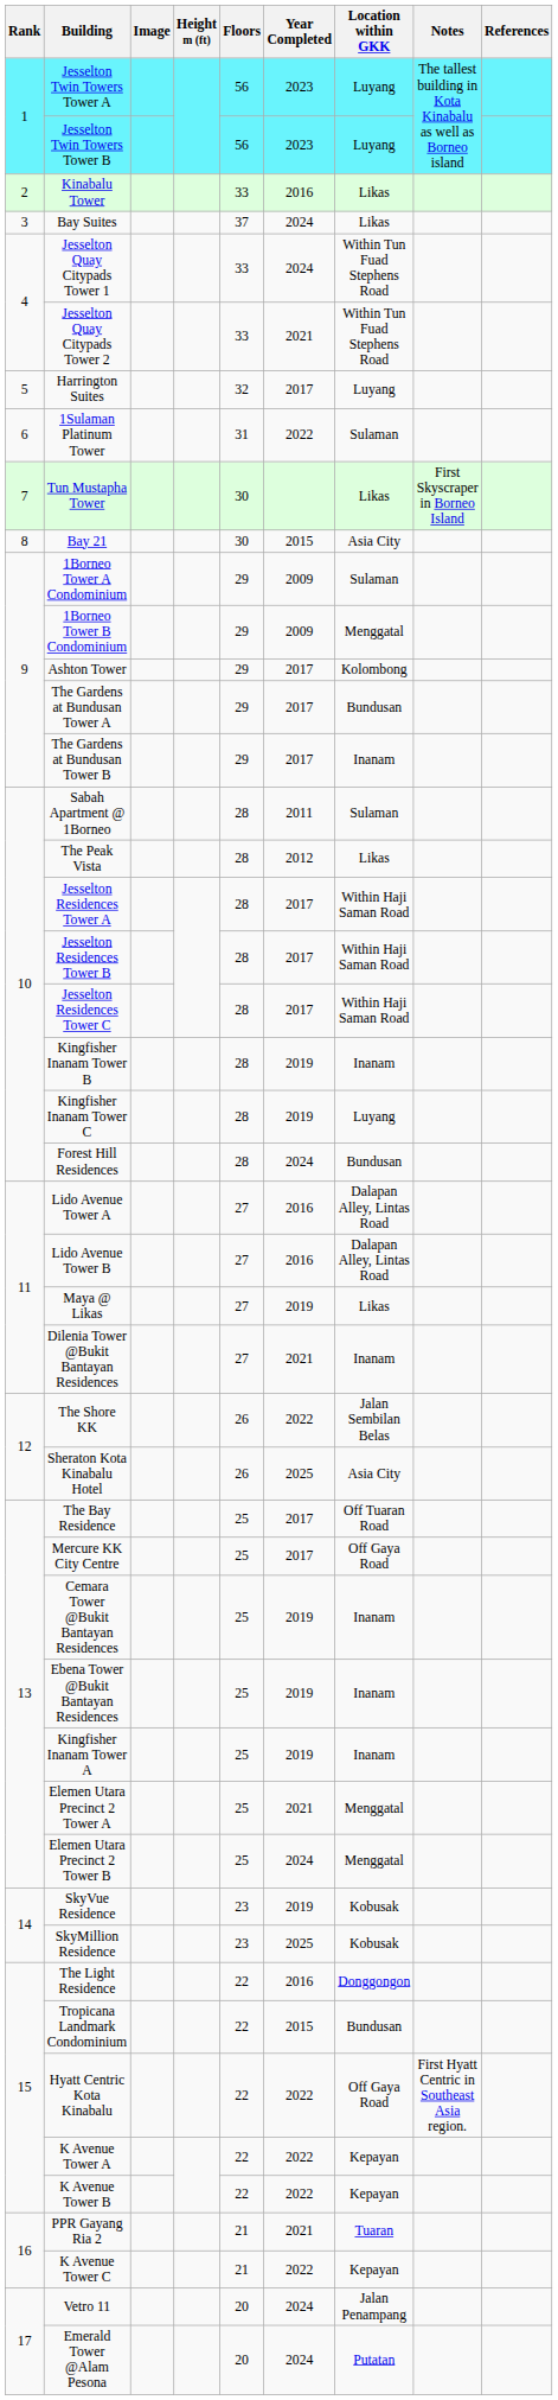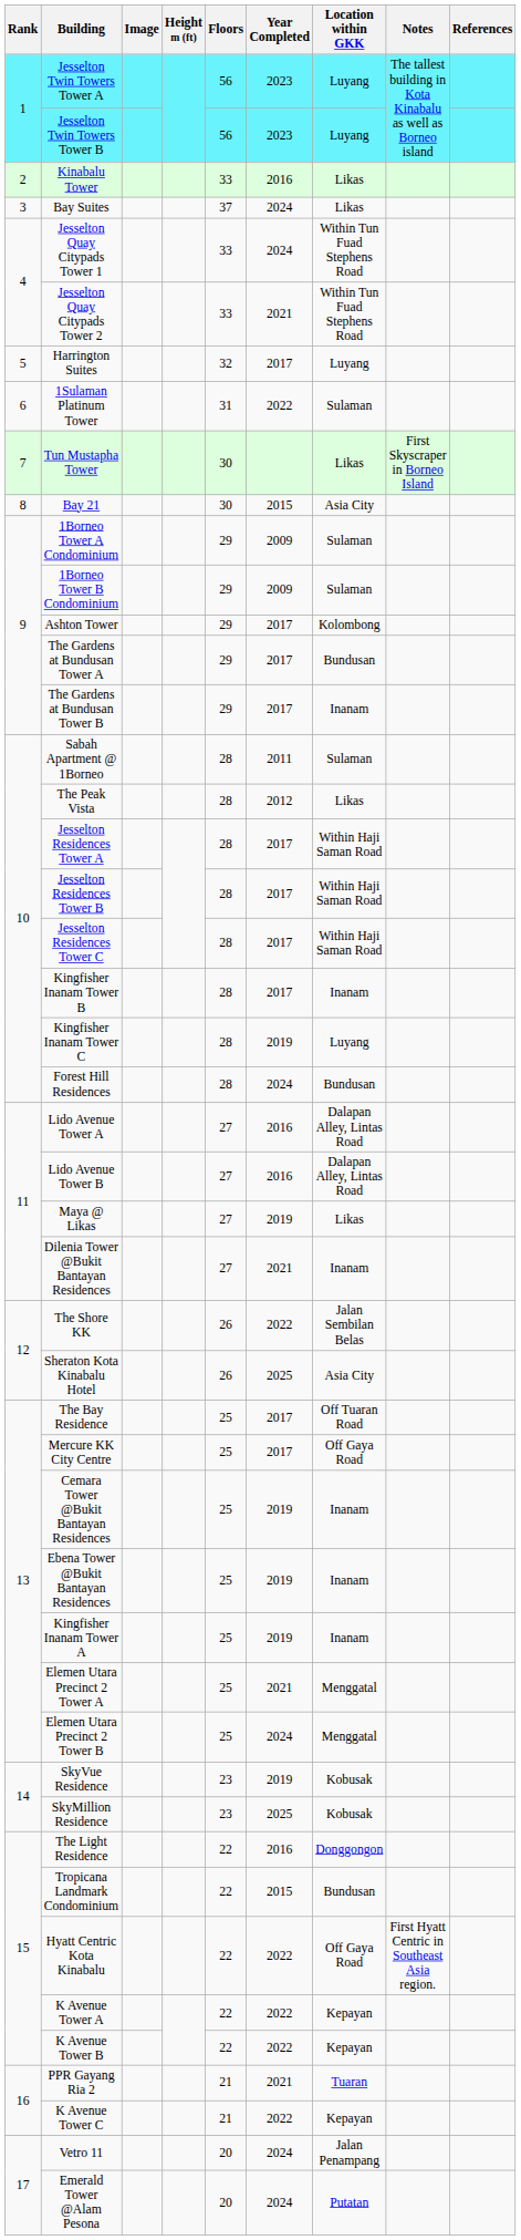 <table class="wikitable mw-collapsible unsortable" style="text-align:center">
 <tr>
 <th>Rank</th>
 <th>Building</th>
 <th>Image</th>
 <th>Height<br><small>m (ft)</small></th>
 <th>Floors</th>
 <th>Year Completed</th>
 <th>Location within <a href='#'>GKK</a></th>
 <th>Notes</th>
 <th>References</th>
 </tr>
 <tr style="background:#69f4fd">
 <td rowspan="2">1</td>
 <td><a href='#'>Jesselton Twin Towers</a> Tower A</td>
 <td></td>
 <td rowspan="2"> </td>
 <td>56</td>
 <td>2023</td>
 <td>Luyang</td>
 <td rowspan="2">The tallest building in <a href='#'>Kota Kinabalu</a> as well as <a href='#'>Borneo</a> island</td>
 <td></td>
 </tr>
 <tr style="background:#69f4fd">
 <td><a href='#'>Jesselton Twin Towers</a> Tower B</td>
 <td></td>
 <td>56</td>
 <td>2023</td>
 <td>Luyang</td>
 <td></td>
 </tr>
 <tr style="background:#DFD;">
 <td>2</td>
 <td><a href='#'>Kinabalu Tower</a></td>
 <td></td>
 <td></td>
 <td>33</td>
 <td>2016</td>
 <td>Likas</td>
 <td></td>
 <td></td>
 </tr>
 <tr>
 <td>3</td>
 <td>Bay Suites</td>
 <td></td>
 <td> </td>
 <td>37</td>
 <td>2024</td>
 <td>Likas</td>
 <td></td>
 <td></td>
 </tr>
 <tr>
 <td rowspan="2">4</td>
 <td><a href='#'>Jesselton Quay</a> Citypads Tower 1</td>
 <td></td>
 <td></td>
 <td>33</td>
 <td>2024</td>
 <td>Within Tun Fuad Stephens Road</td>
 <td></td>
 <td></td>
 </tr>
 <tr>
 <td><a href='#'>Jesselton Quay</a> Citypads Tower 2</td>
 <td></td>
 <td></td>
 <td>33</td>
 <td>2021</td>
 <td>Within Tun Fuad Stephens Road</td>
 <td></td>
 <td></td>
 </tr>
 <tr>
 <td>5</td>
 <td>Harrington Suites</td>
 <td></td>
 <td></td>
 <td>32</td>
 <td>2017</td>
 <td>Luyang</td>
 <td></td>
 <td></td>
 </tr>
 <tr>
 <td>6</td>
 <td><a href='#'>1Sulaman</a> Platinum Tower</td>
 <td></td>
 <td></td>
 <td>31</td>
 <td>2022</td>
 <td>Sulaman</td>
 <td></td>
 <td></td>
 </tr>
 <tr style="background:#DFD;">
 <td>7</td>
 <td><a href='#'>Tun Mustapha Tower</a></td>
 <td></td>
 <td> </td>
 <td>30</td>
 <td></td>
 <td>Likas</td>
 <td>First Skyscraper in <a href='#'>Borneo Island</a></td>
 <td></td>
 </tr>
 <tr>
 <td>8</td>
 <td><a href='#'>Bay 21</a></td>
 <td></td>
 <td></td>
 <td>30</td>
 <td>2015</td>
 <td>Asia City</td>
 <td></td>
 <td></td>
 </tr>
 <tr>
 <td rowspan="5">9</td>
 <td><a href='#'>1Borneo Tower A Condominium</a></td>
 <td></td>
 <td></td>
 <td>29</td>
 <td>2009</td>
 <td>Sulaman</td>
 <td></td>
 <td></td>
 </tr>
 <tr>
 <td><a href='#'>1Borneo Tower B Condominium</a></td>
 <td></td>
 <td></td>
 <td>29</td>
 <td>2009</td>
-<td>Menggatal</td>
+<td>Sulaman</td>
 <td></td>
 <td></td>
 </tr>
 <tr>
 <td>Ashton Tower</td>
 <td></td>
 <td></td>
 <td>29</td>
 <td>2017</td>
 <td>Kolombong</td>
 <td></td>
 <td></td>
 </tr>
 <tr>
 <td>The Gardens at Bundusan Tower A</td>
 <td></td>
 <td></td>
 <td>29</td>
 <td>2017</td>
 <td>Bundusan</td>
 <td></td>
 <td></td>
 </tr>
 <tr>
 <td>The Gardens at Bundusan Tower B</td>
 <td></td>
 <td></td>
 <td>29</td>
 <td>2017</td>
 <td>Inanam</td>
 <td></td>
 <td></td>
 </tr>
 <tr>
 <td rowspan="8">10</td>
 <td>Sabah Apartment @ 1Borneo</td>
 <td></td>
 <td></td>
 <td>28</td>
 <td>2011</td>
 <td>Sulaman</td>
 <td></td>
 <td></td>
 </tr>
 <tr>
 <td>The Peak Vista</td>
 <td></td>
 <td></td>
 <td>28</td>
 <td>2012</td>
 <td>Likas</td>
 <td></td>
 <td></td>
 </tr>
 <tr>
 <td><a href='#'>Jesselton Residences Tower A</a></td>
 <td></td>
 <td rowspan="3"> </td>
 <td>28</td>
 <td>2017</td>
 <td>Within Haji Saman Road</td>
 <td></td>
 <td></td>
 </tr>
 <tr>
 <td><a href='#'>Jesselton Residences Tower B</a></td>
 <td></td>
 <td>28</td>
 <td>2017</td>
 <td>Within Haji Saman Road</td>
 <td></td>
 <td></td>
 </tr>
 <tr>
 <td><a href='#'>Jesselton Residences Tower C</a></td>
 <td></td>
 <td>28</td>
 <td>2017</td>
 <td>Within Haji Saman Road</td>
 <td></td>
 <td></td>
 </tr>
 <tr>
 <td>Kingfisher Inanam Tower B</td>
 <td></td>
 <td></td>
 <td>28</td>
-<td>2019</td>
+<td>2017</td>
 <td>Inanam</td>
 <td></td>
 <td></td>
 </tr>
 <tr>
 <td>Kingfisher Inanam Tower C</td>
 <td></td>
 <td></td>
 <td>28</td>
 <td>2019</td>
 <td>Luyang</td>
 <td></td>
 <td></td>
 </tr>
 <tr>
 <td>Forest Hill Residences</td>
 <td></td>
 <td></td>
 <td>28</td>
 <td>2024</td>
 <td>Bundusan</td>
 <td></td>
 <td></td>
 </tr>
 <tr>
 <td rowspan="4">11</td>
 <td>Lido Avenue Tower A</td>
 <td></td>
 <td></td>
 <td>27</td>
 <td>2016</td>
 <td>Dalapan Alley, Lintas Road</td>
 <td></td>
 <td></td>
 </tr>
 <tr>
 <td>Lido Avenue Tower B</td>
 <td></td>
 <td></td>
 <td>27</td>
 <td>2016</td>
 <td>Dalapan Alley, Lintas Road</td>
 <td></td>
 <td></td>
 </tr>
 <tr>
 <td>Maya @ Likas</td>
 <td></td>
 <td> </td>
 <td>27</td>
 <td>2019</td>
 <td>Likas</td>
 <td></td>
 <td></td>
 </tr>
 <tr>
 <td>Dilenia Tower @Bukit Bantayan Residences</td>
 <td></td>
 <td></td>
 <td>27</td>
 <td>2021</td>
 <td>Inanam</td>
 <td></td>
 <td></td>
 </tr>
 <tr>
 <td rowspan="2">12</td>
 <td>The Shore KK</td>
 <td></td>
 <td> </td>
 <td>26</td>
 <td>2022</td>
 <td>Jalan Sembilan Belas</td>
 <td></td>
 <td></td>
 </tr>
 <tr>
 <td>Sheraton Kota Kinabalu Hotel</td>
 <td></td>
 <td> </td>
 <td>26</td>
 <td>2025</td>
 <td>Asia City</td>
 <td></td>
 <td></td>
 </tr>
 <tr>
 <td rowspan="7">13</td>
 <td>The Bay Residence</td>
 <td></td>
 <td></td>
 <td>25</td>
 <td>2017</td>
 <td>Off Tuaran Road</td>
 <td></td>
 <td></td>
 </tr>
 <tr>
 <td>Mercure KK City Centre</td>
 <td></td>
 <td></td>
 <td>25</td>
 <td>2017</td>
 <td>Off Gaya Road</td>
 <td></td>
 <td></td>
 </tr>
 <tr>
 <td>Cemara Tower @Bukit Bantayan Residences</td>
 <td></td>
 <td></td>
 <td>25</td>
 <td>2019</td>
 <td>Inanam</td>
 <td></td>
 <td></td>
 </tr>
 <tr>
 <td>Ebena Tower @Bukit Bantayan Residences</td>
 <td></td>
 <td> </td>
 <td>25</td>
 <td>2019</td>
 <td>Inanam</td>
 <td></td>
 <td></td>
 </tr>
 <tr>
 <td>Kingfisher Inanam Tower A</td>
 <td></td>
 <td></td>
 <td>25</td>
 <td>2019</td>
 <td>Inanam</td>
 <td></td>
 <td></td>
 </tr>
 <tr>
 <td>Elemen Utara Precinct 2 Tower A</td>
 <td></td>
 <td></td>
 <td>25</td>
 <td>2021</td>
 <td>Menggatal</td>
 <td></td>
 <td></td>
 </tr>
 <tr>
 <td>Elemen Utara Precinct 2 Tower B</td>
 <td></td>
 <td> </td>
 <td>25</td>
 <td>2024</td>
 <td>Menggatal</td>
 <td></td>
 <td></td>
 </tr>
 <tr>
 <td rowspan="2">14</td>
 <td>SkyVue Residence</td>
 <td></td>
 <td></td>
 <td>23</td>
 <td>2019</td>
 <td>Kobusak</td>
 <td></td>
 <td></td>
 </tr>
 <tr>
 <td>SkyMillion Residence</td>
 <td></td>
 <td></td>
 <td>23</td>
 <td>2025</td>
 <td>Kobusak</td>
 <td></td>
 <td></td>
 </tr>
 <tr>
 <td rowspan="5">15</td>
 <td>The Light Residence</td>
 <td></td>
 <td></td>
 <td>22</td>
 <td>2016</td>
 <td><a href='#'>Donggongon</a></td>
 <td></td>
 <td></td>
 </tr>
 <tr>
 <td>Tropicana Landmark Condominium</td>
 <td></td>
 <td></td>
 <td>22</td>
 <td>2015</td>
 <td>Bundusan</td>
 <td></td>
 <td></td>
 </tr>
 <tr>
 <td>Hyatt Centric Kota Kinabalu</td>
 <td></td>
 <td></td>
 <td>22</td>
 <td>2022</td>
 <td>Off Gaya Road</td>
 <td>First Hyatt Centric in <a href='#'>Southeast Asia</a> region.</td>
 <td></td>
 </tr>
 <tr>
 <td>K Avenue Tower A</td>
 <td></td>
 <td rowspan="2"> </td>
 <td>22</td>
 <td>2022</td>
 <td>Kepayan</td>
 <td></td>
 <td></td>
 </tr>
 <tr>
 <td>K Avenue Tower B</td>
 <td></td>
 <td>22</td>
 <td>2022</td>
 <td>Kepayan</td>
 <td></td>
 <td></td>
 </tr>
 <tr>
 <td rowspan="2">16</td>
 <td>PPR Gayang Ria 2</td>
 <td></td>
 <td></td>
 <td>21</td>
 <td>2021</td>
 <td><a href='#'>Tuaran</a></td>
 <td></td>
 <td></td>
 </tr>
 <tr>
 <td>K Avenue Tower C</td>
 <td></td>
 <td></td>
 <td>21</td>
 <td>2022</td>
 <td>Kepayan</td>
 <td></td>
 <td></td>
 </tr>
 <tr>
 <td rowspan="2">17</td>
 <td>Vetro 11</td>
 <td></td>
 <td> </td>
 <td>20</td>
 <td>2024</td>
 <td>Jalan Penampang</td>
 <td></td>
 <td></td>
 </tr>
 <tr>
 <td>Emerald Tower @Alam Pesona</td>
 <td></td>
 <td> </td>
 <td>20</td>
 <td>2024</td>
 <td><a href='#'>Putatan</a></td>
 <td></td>
 <td></td>
 </tr>
 </table>
